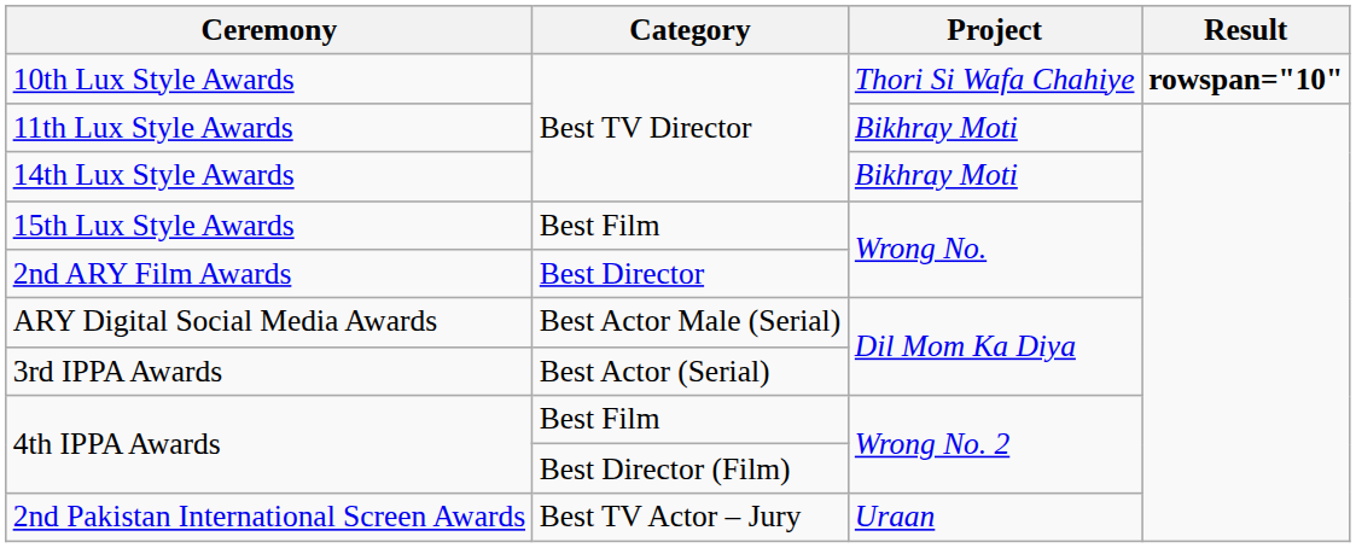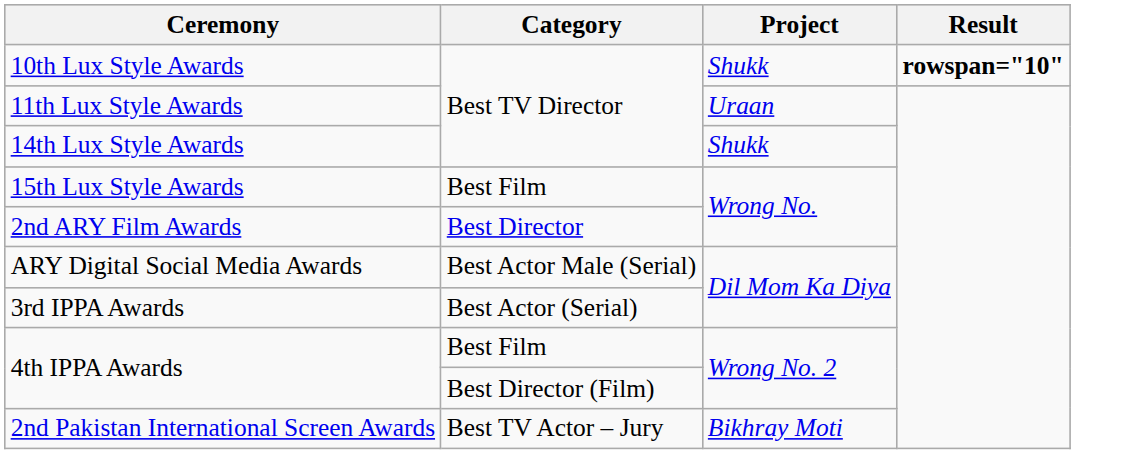 <table class="wikitable style">
 <tr>
 <th>Ceremony</th>
 <th>Category</th>
 <th>Project</th>
 <th>Result</th>
 </tr>
 <tr>
 <td><a href='#'>10th Lux Style Awards</a></td>
 <td rowspan="3">Best TV Director</td>
-<td><em><a href='#'>Thori Si Wafa Chahiye</a></em></td>
+<td><em><a href='#'>Shukk</a></em></td>
 <td><strong>rowspan="10" </strong></td>
 </tr>
 <tr>
 <td><a href='#'>11th Lux Style Awards</a></td>
-<td><em><a href='#'>Bikhray Moti</a></em></td>
+<td><em><a href='#'>Uraan</a></em></td>
 </tr>
 <tr>
 <td><a href='#'>14th Lux Style Awards</a></td>
-<td><em><a href='#'>Bikhray Moti</a></em></td>
+<td><em><a href='#'>Shukk</a></em></td>
 </tr>
 <tr>
 <td><a href='#'>15th Lux Style Awards</a></td>
 <td>Best Film</td>
 <td rowspan="2"><em><a href='#'>Wrong No.</a></em></td>
 </tr>
 <tr>
 <td><a href='#'>2nd ARY Film Awards</a></td>
 <td><a href='#'>Best Director</a></td>
 </tr>
 <tr>
 <td>ARY Digital Social Media Awards</td>
 <td>Best Actor Male (Serial)</td>
 <td rowspan="2"><em><a href='#'>Dil Mom Ka Diya</a></em></td>
 </tr>
 <tr>
 <td>3rd IPPA Awards</td>
 <td>Best Actor (Serial)</td>
 </tr>
 <tr>
 <td rowspan="2">4th IPPA Awards</td>
 <td>Best Film</td>
 <td rowspan="2"><em><a href='#'>Wrong No. 2</a></em></td>
 </tr>
 <tr>
 <td>Best Director (Film)</td>
 </tr>
 <tr>
 <td><a href='#'>2nd Pakistan International Screen Awards</a></td>
 <td>Best TV Actor – Jury</td>
-<td><em><a href='#'>Uraan</a></em></td>
+<td><em><a href='#'>Bikhray Moti</a></em></td>
 </tr>
 </table>
